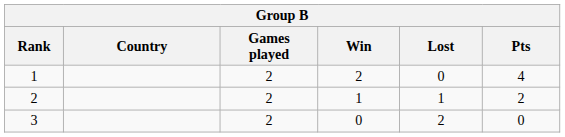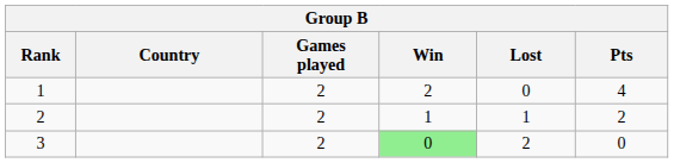 <table class="wikitable" style= "text-align: center; Width:50%">
 <tr>
 <th colspan= 6>Group B</th>
 </tr>
 <tr>
 <th width=2%>Rank</th>
 <th width=10%>Country</th>
 <th width=5%>Games <br> played</th>
 <th width=5%>Win</th>
 <th width=5%>Lost</th>
 <th width=5%>Pts</th>
 </tr>
 <tr>
 <td>1</td>
 <td style= "text-align: left"></td>
 <td>2</td>
 <td>2</td>
 <td>0</td>
 <td>4</td>
 </tr>
 <tr>
 <td>2</td>
 <td style= "text-align: left"></td>
 <td>2</td>
 <td>1</td>
 <td>1</td>
 <td>2</td>
 </tr>
 <tr>
 <td>3</td>
 <td style= "text-align: left"></td>
 <td>2</td>
-<td>0</td>
+<td style="background: lightgreen;">0</td>
 <td>2</td>
 <td>0</td>
 </tr>
 </table>
